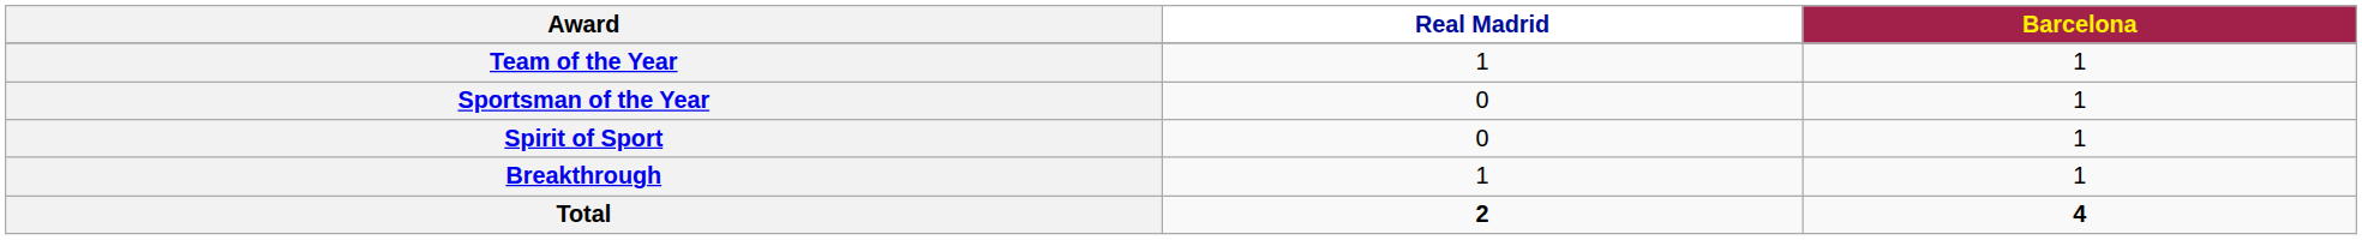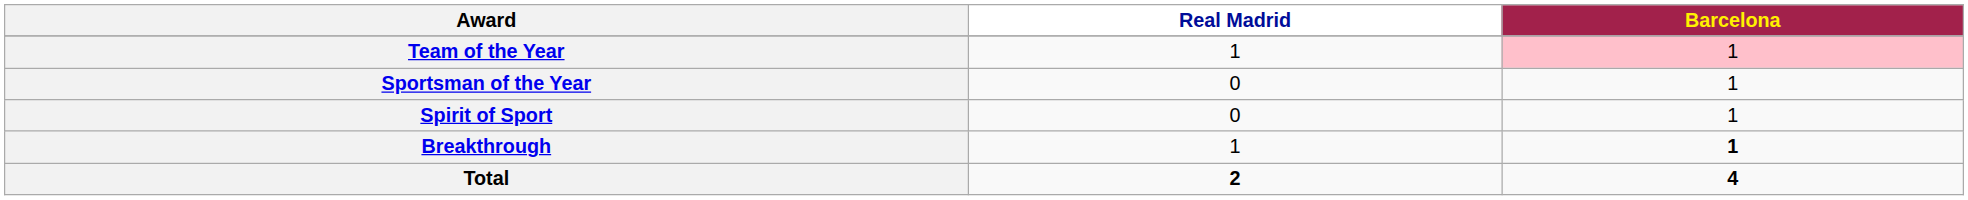 <table class="wikitable" style="font-size:99%; width: 99%; text-align: center;">
 <tr>
 <th>Award</th>
 <th style="color:#000c99; background:#fff;">Real Madrid</th>
 <th style="color:#fff000; background:#A2214B;">Barcelona</th>
 </tr>
 <tr>
 </tr>
 <tr>
 <th align=center><a href='#'>Team of the Year</a></th>
 <td align=center>1</td>
-<td align=center>1</td>
+<td align=center style="background: pink;">1</td>
 </tr>
 <tr>
 <th align=center><a href='#'>Sportsman of the Year</a></th>
 <td align=center>0</td>
 <td align=center>1</td>
 </tr>
 <tr>
 <th align=center><a href='#'>Spirit of Sport</a></th>
 <td align=center>0</td>
 <td align=center>1</td>
 </tr>
 <tr>
 <th align=center><a href='#'>Breakthrough</a></th>
 <td align=center>1</td>
-<td align=center>1</td>
+<td align=center><strong>1</strong></td>
 </tr>
 <tr>
 <th align=center>Total</th>
 <td align=center><strong>2</strong></td>
 <td align=center><strong>4</strong></td>
 </tr>
 </table>
